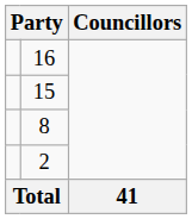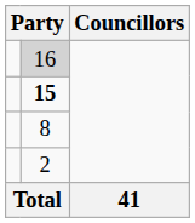 <table class="wikitable">
 <tr>
 <th colspan=2>Party</th>
 <th>Councillors</th>
 </tr>
 <tr>
 <td></td>
-<td align=center>16</td>
+<td align=center style="background: lightgrey;">16</td>
 </tr>
 <tr>
 <td></td>
-<td align=center>15</td>
+<td align=center><strong>15</strong></td>
 </tr>
 <tr>
 <td></td>
 <td align=center>8</td>
 </tr>
 <tr>
 <td></td>
 <td align=center>2</td>
 </tr>
 <tr>
 <th colspan=2>Total</th>
 <th align=center>41</th>
 </tr>
 </table>
